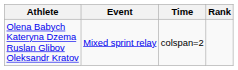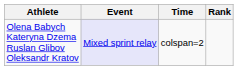 <table class=wikitable style="font-size:90%">
 <tr>
 <th>Athlete</th>
 <th>Event</th>
 <th>Time</th>
 <th>Rank</th>
 </tr>
 <tr align=center>
 <td align=left rowspan=2><a href='#'>Olena Babych</a><br><a href='#'>Kateryna Dzema</a><br><a href='#'>Ruslan Glibov</a><br><a href='#'>Oleksandr Kratov</a></td>
-<td align=left><a href='#'>Mixed sprint relay</a></td>
+<td align=left style="background: lavender;"><a href='#'>Mixed sprint relay</a></td>
 <td>colspan=2 </td>
 </tr>
 </table>
